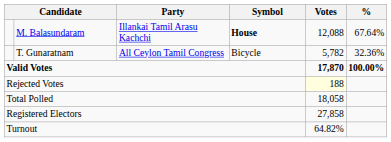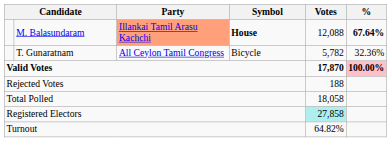 <table class="wikitable" border="1" style="text-align:right;">
 <tr>
 <th align=left colspan=2 width="180">Candidate</th>
 <th align=left width="180">Party</th>
 <th align=left width="120">Symbol</th>
 <th align=left width="60">Votes</th>
 <th align=left width="60">%</th>
 </tr>
 <tr>
 <td bgcolor=> </td>
 <td align=left><a href='#'>M. Balasundaram</a></td>
-<td align=left><a href='#'>Illankai Tamil Arasu Kachchi</a></td>
+<td align=left style="background: lightsalmon;"><a href='#'>Illankai Tamil Arasu Kachchi</a></td>
 <td align=left><strong>House</strong></td>
 <td>12,088</td>
-<td>67.64%</td>
+<td><strong>67.64%</strong></td>
 </tr>
 <tr>
 <td bgcolor=> </td>
 <td align=left>T. Gunaratnam</td>
 <td align=left><a href='#'>All Ceylon Tamil Congress</a></td>
 <td align=left>Bicycle</td>
 <td>5,782</td>
 <td>32.36%</td>
 </tr>
 <tr>
 <td align=left colspan=4><strong>Valid Votes</strong></td>
 <td><strong>17,870</strong></td>
-<td><strong>100.00%</strong></td>
+<td style="background: pink;"><strong>100.00%</strong></td>
 </tr>
 <tr>
 <td align=left colspan=4>Rejected Votes</td>
-<td style="background: lightyellow;">188</td>
+<td>188</td>
 <td></td>
 </tr>
 <tr>
 <td align=left colspan=4>Total Polled</td>
 <td>18,058</td>
 <td></td>
 </tr>
 <tr>
 <td align=left colspan=4>Registered Electors</td>
-<td>27,858</td>
+<td style="background: paleturquoise;">27,858</td>
 <td></td>
 </tr>
 <tr>
 <td align=left colspan=4>Turnout</td>
 <td>64.82%</td>
 </tr>
 </table>
